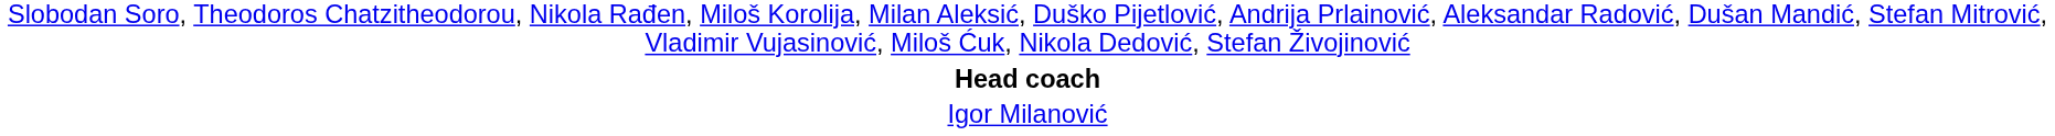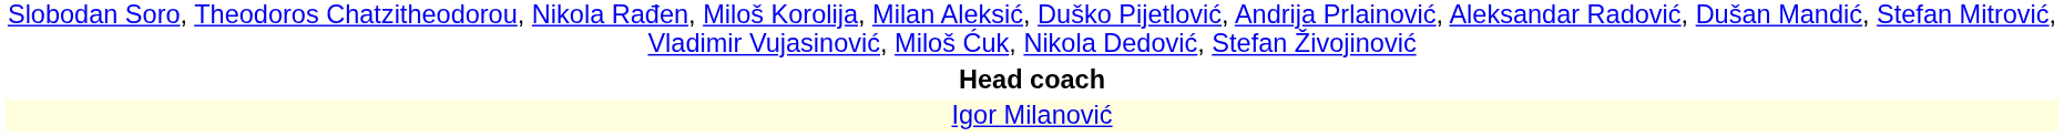 <table style="text-align: center; margin-top: 2em; margin-left: auto; margin-right: auto">
 <tr>
 <td><a href='#'>Slobodan Soro</a>, <a href='#'>Theodoros Chatzitheodorou</a>, <a href='#'>Nikola Rađen</a>, <a href='#'>Miloš Korolija</a>, <a href='#'>Milan Aleksić</a>, <a href='#'>Duško Pijetlović</a>, <a href='#'>Andrija Prlainović</a>, <a href='#'>Aleksandar Radović</a>, <a href='#'>Dušan Mandić</a>, <a href='#'>Stefan Mitrović</a>, <a href='#'>Vladimir Vujasinović</a>, <a href='#'>Miloš Ćuk</a>, <a href='#'>Nikola Dedović</a>, <a href='#'>Stefan Živojinović</a></td>
 </tr>
 <tr>
 <td><strong>Head coach</strong></td>
 </tr>
 <tr>
-<td><a href='#'>Igor Milanović</a></td>
+<td style="background: lightyellow;"><a href='#'>Igor Milanović</a></td>
 </tr>
 </table>
